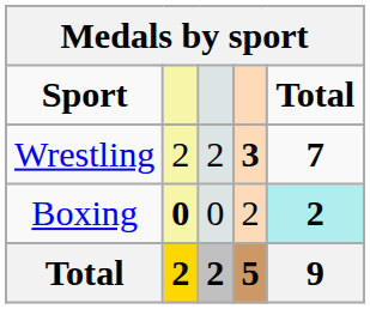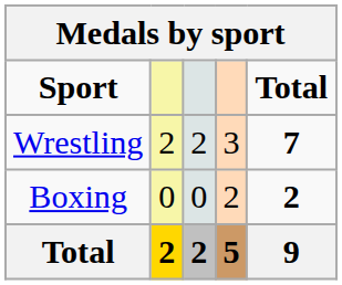 <table class=wikitable style="font-size:95%">
 <tr bgcolor=efefef>
 <th colspan=7><strong>Medals by sport</strong></th>
 </tr>
 <tr align=center>
 <td><strong>Sport</strong></td>
 <td bgcolor=#f7f6a8></td>
 <td bgcolor=#dce5e5></td>
 <td bgcolor=#ffdab9></td>
 <td><strong>Total</strong></td>
 </tr>
 <tr align=center>
 <td><a href='#'>Wrestling</a></td>
 <td bgcolor=F7F6A8>2</td>
 <td bgcolor=DCE5E5>2</td>
-<td bgcolor=FFDAB9><strong>3</strong></td>
+<td bgcolor=FFDAB9>3</td>
 <td><strong>7</strong></td>
 </tr>
 <tr align=center>
 <td><a href='#'>Boxing</a></td>
-<td bgcolor=F7F6A8><strong>0</strong></td>
+<td bgcolor=F7F6A8>0</td>
 <td bgcolor=DCE5E5>0</td>
 <td bgcolor=FFDAB9>2</td>
-<td style="background: paleturquoise;"><strong>2</strong></td>
+<td><strong>2</strong></td>
 </tr>
 <tr align=center>
 <th><strong>Total</strong></th>
 <th style="background:gold"><strong>2</strong></th>
 <th style="background:silver"><strong>2</strong></th>
 <th style="background:#c96"><strong>5</strong></th>
 <th><strong>9</strong></th>
 </tr>
 </table>
